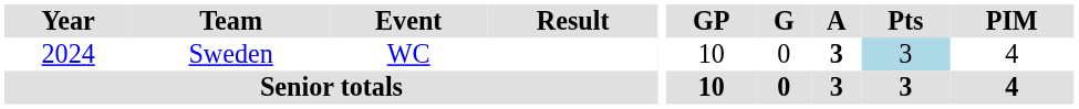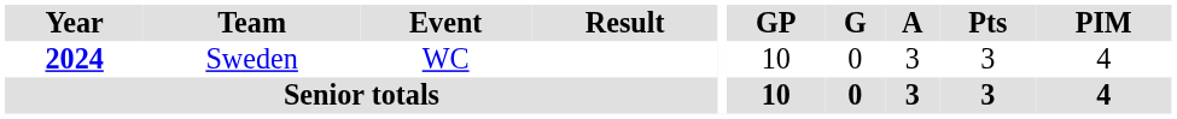 <table border="0" cellpadding="1" cellspacing="0" ID="Table3" style="text-align:center; width:40em">
 <tr ALIGN="center" bgcolor="#e0e0e0">
 <th>Year</th>
 <th>Team</th>
 <th>Event</th>
 <th>Result</th>
 <th rowspan="99" bgcolor="#ffffff"></th>
 <th>GP</th>
 <th>G</th>
 <th>A</th>
 <th>Pts</th>
 <th>PIM</th>
 </tr>
 <tr>
-<td><a href='#'>2024</a></td>
+<td><strong><a href='#'>2024</a></strong></td>
 <td><a href='#'>Sweden</a></td>
 <td><a href='#'>WC</a></td>
 <td></td>
 <td>10</td>
 <td>0</td>
-<td><strong>3</strong></td>
-<td style="background: lightblue;">3</td>
+<td>3</td>
+<td>3</td>
 <td>4</td>
 </tr>
 <tr bgcolor="#e0e0e0">
 <th colspan="4">Senior totals</th>
 <th>10</th>
 <th>0</th>
 <th>3</th>
 <th>3</th>
 <th>4</th>
 </tr>
 </table>
